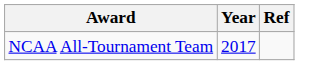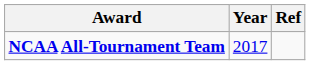 <table class="wikitable">
 <tr>
 <th>Award</th>
 <th>Year</th>
 <th>Ref</th>
 </tr>
 <tr>
-<td><a href='#'>NCAA</a> <a href='#'>All-Tournament Team</a></td>
+<td><strong><a href='#'>NCAA</a> <a href='#'>All-Tournament Team</a></strong></td>
 <td><a href='#'>2017</a></td>
 <td></td>
 </tr>
 </table>
